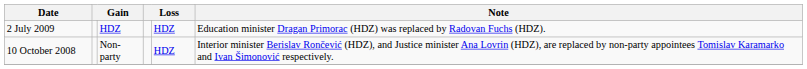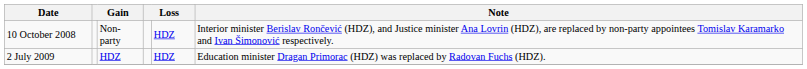 <table class="wikitable">
 <tr>
 <th width="130">Date</th>
 <th colspan=2 width="80">Gain</th>
 <th colspan=2 width="80">Loss</th>
 <th>Note</th>
+</tr>
+<tr>
+<td>10 October 2008</td>
+<td style="background-color: "></td>
+<td>Non-party</td>
+<td style="background-color: "></td>
+<td><a href='#'>HDZ</a></td>
+<td>Interior minister <a href='#'>Berislav Rončević</a> (HDZ), and Justice minister <a href='#'>Ana Lovrin</a> (HDZ), are replaced by non-party appointees <a href='#'>Tomislav Karamarko</a> and <a href='#'>Ivan Šimonović</a> respectively.</td>
 </tr>
 <tr>
 <td>2 July 2009</td>
 <td style="background-color: "></td>
 <td><a href='#'>HDZ</a></td>
 <td style="background-color: "></td>
 <td><a href='#'>HDZ</a></td>
 <td>Education minister <a href='#'>Dragan Primorac</a> (HDZ) was replaced by <a href='#'>Radovan Fuchs</a> (HDZ).</td>
 </tr>
 <tr>
-<td>10 October 2008</td>
-<td style="background-color: "></td>
-<td>Non-party</td>
-<td style="background-color: "></td>
-<td><a href='#'>HDZ</a></td>
-<td>Interior minister <a href='#'>Berislav Rončević</a> (HDZ), and Justice minister <a href='#'>Ana Lovrin</a> (HDZ), are replaced by non-party appointees <a href='#'>Tomislav Karamarko</a> and <a href='#'>Ivan Šimonović</a> respectively.</td>
-</tr>
-<tr>
 </tr>
 </table>
